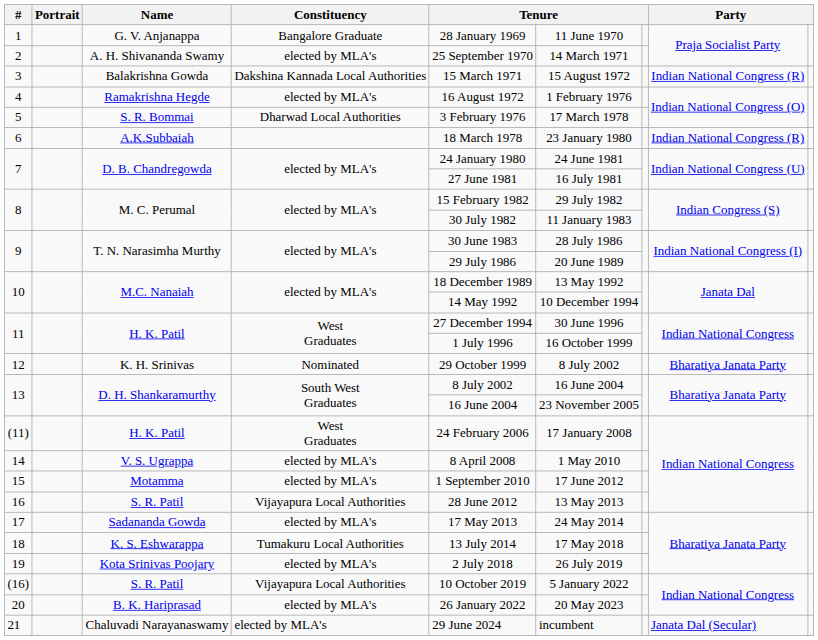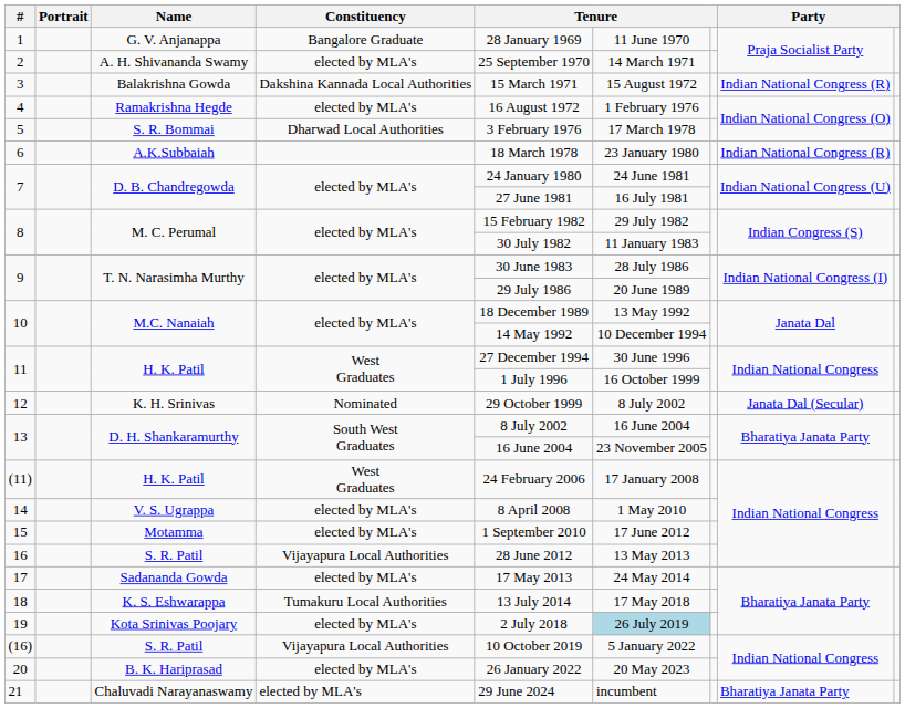 <table class="wikitable">
 <tr>
 <th>#</th>
 <th>Portrait</th>
 <th>Name</th>
 <th>Constituency</th>
 <th colspan="3">Tenure</th>
 <th colspan="2" scope="col">Party</th>
 </tr>
 <tr style="text-align:center;">
 <td>1</td>
 <td></td>
 <td>G. V. Anjanappa</td>
 <td>Bangalore Graduate</td>
 <td>28 January 1969</td>
 <td>11 June 1970</td>
 <td></td>
 <td rowspan="2"><a href='#'>Praja Socialist Party</a></td>
 <td rowspan="2" style="background-color: "></td>
 </tr>
 <tr style="text-align:center;">
 <td>2</td>
 <td></td>
 <td>A. H. Shivananda Swamy</td>
 <td>elected by MLA's</td>
 <td>25 September 1970</td>
 <td>14 March 1971</td>
 <td></td>
 </tr>
 <tr style="text-align:center;">
 <td>3</td>
 <td></td>
 <td>Balakrishna Gowda</td>
 <td>Dakshina Kannada Local Authorities</td>
 <td>15 March 1971</td>
 <td>15 August 1972</td>
 <td></td>
 <td><a href='#'>Indian National Congress (R)</a></td>
 <td style="background-color: "></td>
 </tr>
 <tr style="text-align:center;">
 <td>4</td>
 <td></td>
 <td><a href='#'>Ramakrishna Hegde</a></td>
 <td>elected by MLA's</td>
 <td>16 August 1972</td>
 <td>1 February 1976</td>
 <td></td>
 <td rowspan="2"><a href='#'>Indian National Congress (O)</a></td>
 <td rowspan="2" style="background-color: "></td>
 </tr>
 <tr style="text-align:center;">
 <td>5</td>
 <td></td>
 <td><a href='#'>S. R. Bommai</a></td>
 <td>Dharwad Local Authorities</td>
 <td>3 February 1976</td>
 <td>17 March 1978</td>
 <td></td>
 </tr>
 <tr style="text-align:center;">
 <td>6</td>
 <td></td>
 <td><a href='#'>A.K.Subbaiah</a></td>
 <td></td>
 <td>18 March 1978</td>
 <td>23 January 1980</td>
 <td></td>
 <td><a href='#'>Indian National Congress (R)</a></td>
 <td style="background-color: "></td>
 </tr>
 <tr style="text-align:center;">
 <td rowspan="2">7</td>
 <td rowspan="2"></td>
 <td rowspan="2"><a href='#'>D. B. Chandregowda</a></td>
 <td rowspan="2">elected by MLA's</td>
 <td>24 January 1980</td>
 <td>24 June 1981</td>
 <td rowspan="2"></td>
 <td rowspan="2"><a href='#'>Indian National Congress (U)</a></td>
 <td rowspan="2" style="background-color: "></td>
 </tr>
 <tr style="text-align:center;">
 <td>27 June 1981</td>
 <td>16 July 1981</td>
 </tr>
 <tr style="text-align:center;">
 <td rowspan="2">8</td>
 <td rowspan="2"></td>
 <td rowspan="2">M. C. Perumal</td>
 <td rowspan="2">elected by MLA's</td>
 <td>15 February 1982</td>
 <td>29 July 1982</td>
 <td rowspan="2"></td>
 <td rowspan="2"><a href='#'>Indian Congress (S)</a></td>
 <td rowspan="2" style="background-color: "></td>
 </tr>
 <tr style="text-align:center;">
 <td>30 July 1982</td>
 <td>11 January 1983</td>
 </tr>
 <tr style="text-align:center;">
 <td rowspan="2">9</td>
 <td rowspan="2"></td>
 <td rowspan="2">T. N. Narasimha Murthy</td>
 <td rowspan="2">elected by MLA's</td>
 <td>30 June 1983</td>
 <td>28 July 1986</td>
 <td rowspan="2"></td>
 <td rowspan="2"><a href='#'>Indian National Congress (I)</a></td>
 <td rowspan="2" style="background-color: "></td>
 </tr>
 <tr style="text-align:center;">
 <td>29 July 1986</td>
 <td>20 June 1989</td>
 </tr>
 <tr style="text-align:center;">
 <td rowspan="2">10</td>
 <td rowspan="2"></td>
 <td rowspan="2"><a href='#'>M.C. Nanaiah</a></td>
 <td rowspan="2">elected by MLA's</td>
 <td>18 December 1989</td>
 <td>13 May 1992</td>
 <td rowspan="2"></td>
 <td rowspan="2"><a href='#'>Janata Dal</a></td>
 <td rowspan="2" style="background-color: "></td>
 </tr>
 <tr style="text-align:center;">
 <td>14 May 1992</td>
 <td>10 December 1994</td>
 </tr>
 <tr style="text-align:center;">
 <td rowspan="2">11</td>
 <td rowspan="2"></td>
 <td rowspan="2"><a href='#'>H. K. Patil</a></td>
 <td rowspan="2">West<br>Graduates</td>
 <td>27 December 1994</td>
 <td>30 June 1996</td>
 <td rowspan="2"></td>
 <td rowspan="2"><a href='#'>Indian National Congress</a></td>
 <td rowspan="2" style="background-color: "></td>
 </tr>
 <tr style="text-align:center;">
 <td>1 July 1996</td>
 <td>16 October 1999</td>
 </tr>
 <tr style="text-align:center;">
 <td>12</td>
 <td></td>
 <td>K. H. Srinivas</td>
 <td>Nominated</td>
 <td>29 October 1999</td>
 <td>8 July 2002</td>
 <td></td>
-<td><a href='#'>Bharatiya Janata Party</a></td>
+<td><a href='#'>Janata Dal (Secular)</a></td>
 <td style="background-color: "></td>
 </tr>
 <tr style="text-align:center;">
 <td rowspan="2">13</td>
 <td rowspan="2"></td>
 <td rowspan="2"><a href='#'>D. H. Shankaramurthy</a></td>
 <td rowspan="2">South West<br>Graduates</td>
 <td>8 July 2002</td>
 <td>16 June 2004</td>
 <td rowspan="2"></td>
 <td rowspan="2"><a href='#'>Bharatiya Janata Party</a></td>
 <td rowspan="2" style="background-color: "></td>
 </tr>
 <tr style="text-align:center;">
 <td>16 June 2004</td>
 <td>23 November 2005</td>
 </tr>
 <tr style="text-align:center;">
 <td>(11)</td>
 <td></td>
 <td><a href='#'>H. K. Patil</a></td>
 <td>West<br>Graduates</td>
 <td>24 February 2006</td>
 <td>17 January 2008</td>
 <td></td>
 <td rowspan="4"><a href='#'>Indian National Congress</a></td>
 <td rowspan="4" style="background-color: "></td>
 </tr>
 <tr style="text-align:center;">
 <td>14</td>
 <td></td>
 <td><a href='#'>V. S. Ugrappa</a></td>
 <td>elected by MLA's</td>
 <td>8 April 2008</td>
 <td>1 May 2010</td>
 <td></td>
 </tr>
 <tr style="text-align:center;">
 <td>15</td>
 <td></td>
 <td><a href='#'>Motamma</a></td>
 <td>elected by MLA's</td>
 <td>1 September 2010</td>
 <td>17 June 2012</td>
 <td></td>
 </tr>
 <tr style="text-align:center;">
 <td>16</td>
 <td></td>
 <td><a href='#'>S. R. Patil</a></td>
 <td>Vijayapura Local Authorities</td>
 <td>28 June 2012</td>
 <td>13 May 2013</td>
 <td></td>
 </tr>
 <tr style="text-align:center;">
 <td>17</td>
 <td></td>
 <td><a href='#'>Sadananda Gowda</a></td>
 <td>elected by MLA's</td>
 <td>17 May 2013</td>
 <td>24 May 2014</td>
 <td></td>
 <td rowspan="3"><a href='#'>Bharatiya Janata Party</a></td>
 <td rowspan="3" style="background-color: "></td>
 </tr>
 <tr style="text-align:center;">
 <td>18</td>
 <td></td>
 <td><a href='#'>K. S. Eshwarappa</a></td>
 <td>Tumakuru Local Authorities</td>
 <td>13 July 2014</td>
 <td>17 May 2018</td>
 <td></td>
 </tr>
 <tr style="text-align:center;">
 <td>19</td>
 <td></td>
 <td><a href='#'>Kota Srinivas Poojary</a></td>
 <td>elected by MLA's</td>
 <td>2 July 2018</td>
-<td>26 July 2019</td>
+<td style="background: lightblue;">26 July 2019</td>
 <td></td>
 </tr>
 <tr style="text-align:center;">
 <td>(16)</td>
 <td></td>
 <td><a href='#'>S. R. Patil</a></td>
 <td>Vijayapura Local Authorities</td>
 <td>10 October 2019</td>
 <td>5 January 2022</td>
 <td></td>
 <td rowspan="2"><a href='#'>Indian National Congress</a></td>
 <td rowspan="2" style="background-color: "></td>
 </tr>
 <tr style="text-align:center;">
 <td>20</td>
 <td></td>
 <td><a href='#'>B. K. Hariprasad</a></td>
 <td>elected by MLA's</td>
 <td>26 January 2022</td>
 <td>20 May 2023</td>
 <td></td>
 </tr>
 <tr>
 <td>21</td>
 <td></td>
 <td>Chaluvadi Narayanaswamy</td>
 <td>elected by MLA's</td>
 <td>29 June 2024</td>
 <td>incumbent</td>
 <td></td>
-<td><a href='#'>Janata Dal (Secular)</a></td>
+<td><a href='#'>Bharatiya Janata Party</a></td>
 <td style="background-color: "></td>
 </tr>
 </table>
